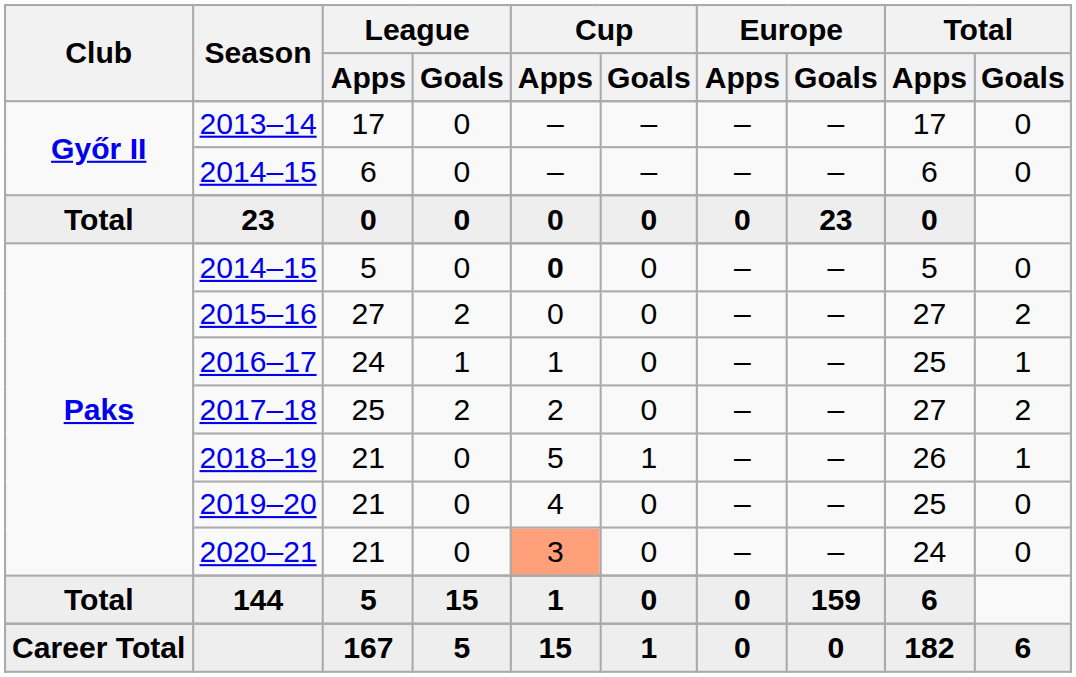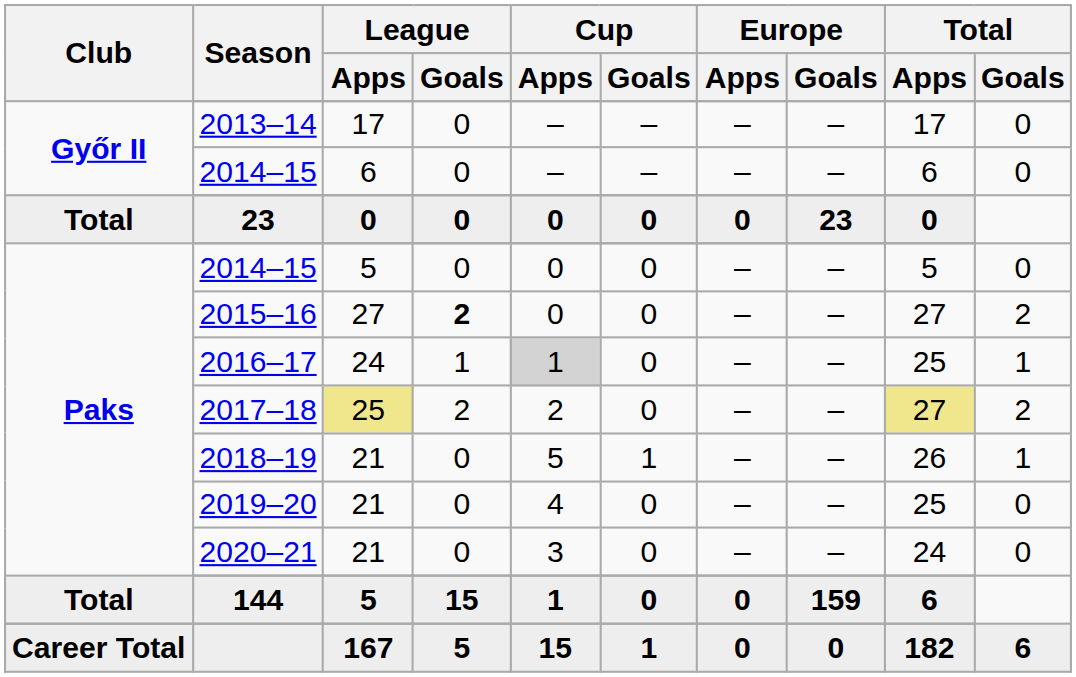 <table class="wikitable" style="font-size:90%; text-align: center;">
 <tr>
 <th rowspan="2">Club</th>
 <th rowspan="2">Season</th>
 <th colspan="2">League</th>
 <th colspan="2">Cup</th>
 <th colspan="2">Europe</th>
 <th colspan="2">Total</th>
 </tr>
 <tr>
 <th>Apps</th>
 <th>Goals</th>
 <th>Apps</th>
 <th>Goals</th>
 <th>Apps</th>
 <th>Goals</th>
 <th>Apps</th>
 <th>Goals</th>
 </tr>
 <tr ||-||-||-|->
 <td rowspan="4" valign="center"><strong><a href='#'>Győr II</a></strong></td>
 </tr>
 <tr>
 <td><a href='#'>2013–14</a></td>
 <td>17</td>
 <td>0</td>
 <td>–</td>
 <td>–</td>
 <td>–</td>
 <td>–</td>
 <td>17</td>
 <td>0</td>
 </tr>
 <tr>
 <td><a href='#'>2014–15</a></td>
 <td>6</td>
 <td>0</td>
 <td>–</td>
 <td>–</td>
 <td>–</td>
 <td>–</td>
 <td>6</td>
 <td>0</td>
 </tr>
 <tr>
 </tr>
 <tr style="font-weight:bold; background-color:#eeeeee;">
 <td>Total</td>
 <td>23</td>
 <td>0</td>
 <td>0</td>
 <td>0</td>
 <td>0</td>
 <td>0</td>
 <td>23</td>
 <td>0</td>
 </tr>
 <tr>
 <td rowspan="9" valign="center"><strong><a href='#'>Paks</a></strong></td>
 </tr>
 <tr>
 <td><a href='#'>2014–15</a></td>
 <td>5</td>
 <td>0</td>
-<td><strong>0</strong></td>
+<td>0</td>
 <td>0</td>
 <td>–</td>
 <td>–</td>
 <td>5</td>
 <td>0</td>
 </tr>
 <tr>
 <td><a href='#'>2015–16</a></td>
 <td>27</td>
-<td>2</td>
+<td><strong>2</strong></td>
 <td>0</td>
 <td>0</td>
 <td>–</td>
 <td>–</td>
 <td>27</td>
 <td>2</td>
 </tr>
 <tr>
 <td><a href='#'>2016–17</a></td>
 <td>24</td>
 <td>1</td>
-<td>1</td>
+<td style="background: lightgrey;">1</td>
 <td>0</td>
 <td>–</td>
 <td>–</td>
 <td>25</td>
 <td>1</td>
 </tr>
 <tr>
 <td><a href='#'>2017–18</a></td>
-<td>25</td>
+<td style="background: khaki;">25</td>
 <td>2</td>
 <td>2</td>
 <td>0</td>
 <td>–</td>
 <td>–</td>
-<td>27</td>
+<td style="background: khaki;">27</td>
 <td>2</td>
 </tr>
 <tr>
 <td><a href='#'>2018–19</a></td>
 <td>21</td>
 <td>0</td>
 <td>5</td>
 <td>1</td>
 <td>–</td>
 <td>–</td>
 <td>26</td>
 <td>1</td>
 </tr>
 <tr>
 <td><a href='#'>2019–20</a></td>
 <td>21</td>
 <td>0</td>
 <td>4</td>
 <td>0</td>
 <td>–</td>
 <td>–</td>
 <td>25</td>
 <td>0</td>
 </tr>
 <tr>
 <td><a href='#'>2020–21</a></td>
 <td>21</td>
 <td>0</td>
-<td style="background: lightsalmon;">3</td>
+<td>3</td>
 <td>0</td>
 <td>–</td>
 <td>–</td>
 <td>24</td>
 <td>0</td>
 </tr>
 <tr>
 </tr>
 <tr style="font-weight:bold; background-color:#eeeeee;">
 <td>Total</td>
 <td>144</td>
 <td>5</td>
 <td>15</td>
 <td>1</td>
 <td>0</td>
 <td>0</td>
 <td>159</td>
 <td>6</td>
 </tr>
 <tr>
 </tr>
 <tr style="font-weight:bold; background-color:#eeeeee;">
 <td rowspan="1" valign="top"><strong>Career Total</strong></td>
 <td></td>
 <td><strong>167</strong></td>
 <td><strong>5</strong></td>
 <td><strong>15</strong></td>
 <td><strong>1</strong></td>
 <td><strong>0</strong></td>
 <td><strong>0</strong></td>
 <td><strong>182</strong></td>
 <td><strong>6</strong></td>
 </tr>
 </table>
